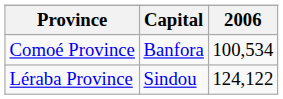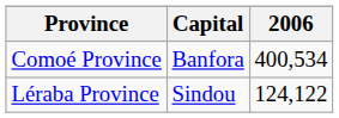 <table class="wikitable" | style="clear:right; float:right;">
 <tr>
 </tr>
 <tr>
 <th>Province</th>
 <th>Capital</th>
 <th>2006</th>
 </tr>
 <tr>
 <td><a href='#'>Comoé Province</a></td>
 <td><a href='#'>Banfora</a></td>
-<td>100,534</td>
+<td>400,534</td>
 </tr>
 <tr>
 <td><a href='#'>Léraba Province</a></td>
 <td><a href='#'>Sindou</a></td>
 <td>124,122</td>
 </tr>
 </table>
